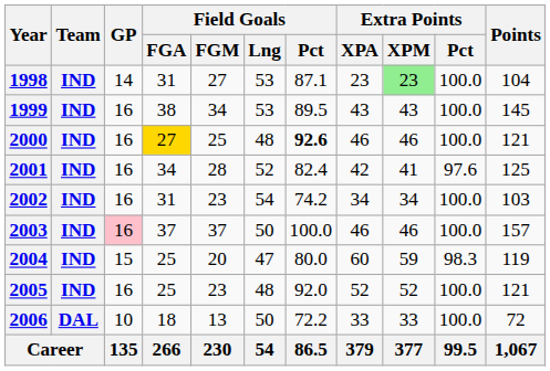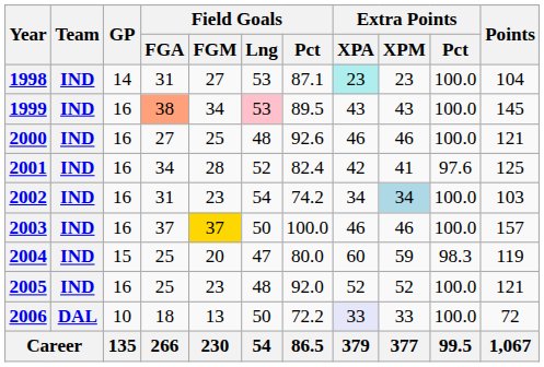 <table class="wikitable" style="text-align:center;">
 <tr>
 <th rowspan="2">Year</th>
 <th rowspan="2">Team</th>
 <th rowspan="2">GP</th>
 <th colspan="4">Field Goals</th>
 <th colspan="3">Extra Points</th>
 <th rowspan="2">Points</th>
 </tr>
 <tr>
 <th>FGA</th>
 <th>FGM</th>
 <th>Lng</th>
 <th>Pct</th>
 <th>XPA</th>
 <th>XPM</th>
 <th>Pct</th>
 </tr>
 <tr>
 <th><a href='#'>1998</a></th>
 <th><a href='#'>IND</a></th>
 <td>14</td>
 <td>31</td>
 <td>27</td>
 <td>53</td>
 <td>87.1</td>
+<td style="background: paleturquoise;">23</td>
 <td>23</td>
-<td style="background: lightgreen;">23</td>
 <td>100.0</td>
 <td>104</td>
 </tr>
 <tr>
 <th><a href='#'>1999</a></th>
 <th><a href='#'>IND</a></th>
 <td>16</td>
-<td>38</td>
+<td style="background: lightsalmon;">38</td>
 <td>34</td>
-<td>53</td>
+<td style="background: pink;">53</td>
 <td>89.5</td>
 <td>43</td>
 <td>43</td>
 <td>100.0</td>
 <td>145</td>
 </tr>
 <tr>
 <th><a href='#'>2000</a></th>
 <th><a href='#'>IND</a></th>
 <td>16</td>
-<td style="background: gold;">27</td>
+<td>27</td>
 <td>25</td>
 <td>48</td>
-<td><strong>92.6</strong></td>
+<td>92.6</td>
 <td>46</td>
 <td>46</td>
 <td>100.0</td>
 <td>121</td>
 </tr>
 <tr>
 <th><a href='#'>2001</a></th>
 <th><a href='#'>IND</a></th>
 <td>16</td>
 <td>34</td>
 <td>28</td>
 <td>52</td>
 <td>82.4</td>
 <td>42</td>
 <td>41</td>
 <td>97.6</td>
 <td>125</td>
 </tr>
 <tr>
 <th><a href='#'>2002</a></th>
 <th><a href='#'>IND</a></th>
 <td>16</td>
 <td>31</td>
 <td>23</td>
 <td>54</td>
 <td>74.2</td>
 <td>34</td>
-<td>34</td>
+<td style="background: lightblue;">34</td>
 <td>100.0</td>
 <td>103</td>
 </tr>
 <tr>
 <th><a href='#'>2003</a></th>
 <th><a href='#'>IND</a></th>
-<td style="background: pink;">16</td>
+<td>16</td>
 <td>37</td>
-<td>37</td>
+<td style="background: gold;">37</td>
 <td>50</td>
 <td>100.0</td>
 <td>46</td>
 <td>46</td>
 <td>100.0</td>
 <td>157</td>
 </tr>
 <tr>
 <th><a href='#'>2004</a></th>
 <th><a href='#'>IND</a></th>
 <td>15</td>
 <td>25</td>
 <td>20</td>
 <td>47</td>
 <td>80.0</td>
 <td>60</td>
 <td>59</td>
 <td>98.3</td>
 <td>119</td>
 </tr>
 <tr>
 <th><a href='#'>2005</a></th>
 <th><a href='#'>IND</a></th>
 <td>16</td>
 <td>25</td>
 <td>23</td>
 <td>48</td>
 <td>92.0</td>
 <td>52</td>
 <td>52</td>
 <td>100.0</td>
 <td>121</td>
 </tr>
 <tr>
 <th><a href='#'>2006</a></th>
 <th><a href='#'>DAL</a></th>
 <td>10</td>
 <td>18</td>
 <td>13</td>
 <td>50</td>
 <td>72.2</td>
-<td>33</td>
+<td style="background: lavender;">33</td>
 <td>33</td>
 <td>100.0</td>
 <td>72</td>
 </tr>
 <tr>
 <th colspan="2">Career</th>
 <th>135</th>
 <th>266</th>
 <th>230</th>
 <th>54</th>
 <th>86.5</th>
 <th>379</th>
 <th>377</th>
 <th>99.5</th>
 <th>1,067</th>
 </tr>
 </table>
